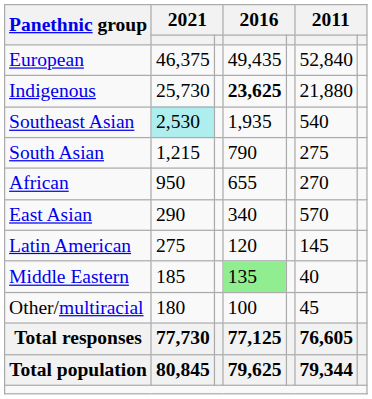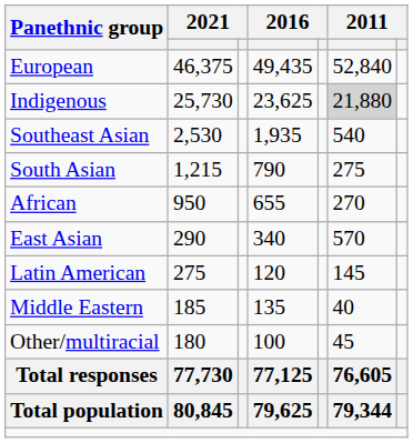 <table class="wikitable collapsible sortable">
 <tr>
 <th rowspan="2"><a href='#'>Panethnic</a> group</th>
 <th colspan="2">2021</th>
 <th colspan="2">2016</th>
 <th colspan="2">2011</th>
 </tr>
 <tr>
 <th><a href='#'></a></th>
 <th></th>
 <th></th>
 <th></th>
 <th></th>
 <th></th>
 </tr>
 <tr>
 <td><a href='#'>European</a></td>
 <td>46,375</td>
 <td></td>
 <td>49,435</td>
 <td></td>
 <td>52,840</td>
 <td></td>
 </tr>
 <tr>
 <td><a href='#'>Indigenous</a></td>
 <td>25,730</td>
 <td></td>
-<td><strong>23,625</strong></td>
+<td>23,625</td>
 <td></td>
-<td>21,880</td>
+<td style="background: lightgrey;">21,880</td>
 <td></td>
 </tr>
 <tr>
 <td><a href='#'>Southeast Asian</a></td>
-<td style="background: paleturquoise;">2,530</td>
+<td>2,530</td>
 <td></td>
 <td>1,935</td>
 <td></td>
 <td>540</td>
 <td></td>
 </tr>
 <tr>
 <td><a href='#'>South Asian</a></td>
 <td>1,215</td>
 <td></td>
 <td>790</td>
 <td></td>
 <td>275</td>
 <td></td>
 </tr>
 <tr>
 <td><a href='#'>African</a></td>
 <td>950</td>
 <td></td>
 <td>655</td>
 <td></td>
 <td>270</td>
 <td></td>
 </tr>
 <tr>
 <td><a href='#'>East Asian</a></td>
 <td>290</td>
 <td></td>
 <td>340</td>
 <td></td>
 <td>570</td>
 <td></td>
 </tr>
 <tr>
 <td><a href='#'>Latin American</a></td>
 <td>275</td>
 <td></td>
 <td>120</td>
 <td></td>
 <td>145</td>
 <td></td>
 </tr>
 <tr>
 <td><a href='#'>Middle Eastern</a></td>
 <td>185</td>
 <td></td>
-<td style="background: lightgreen;">135</td>
+<td>135</td>
 <td></td>
 <td>40</td>
 <td></td>
 </tr>
 <tr>
 <td>Other/<a href='#'>multiracial</a></td>
 <td>180</td>
 <td></td>
 <td>100</td>
 <td></td>
 <td>45</td>
 <td></td>
 </tr>
 <tr>
 <th>Total responses</th>
 <th>77,730</th>
 <th></th>
 <th>77,125</th>
 <th></th>
 <th>76,605</th>
 <th></th>
 </tr>
 <tr class="sortbottom">
 <th>Total population</th>
 <th>80,845</th>
 <th></th>
 <th>79,625</th>
 <th></th>
 <th>79,344</th>
 <th></th>
 </tr>
 <tr class="sortbottom">
 <td colspan="15"></td>
 </tr>
 </table>
